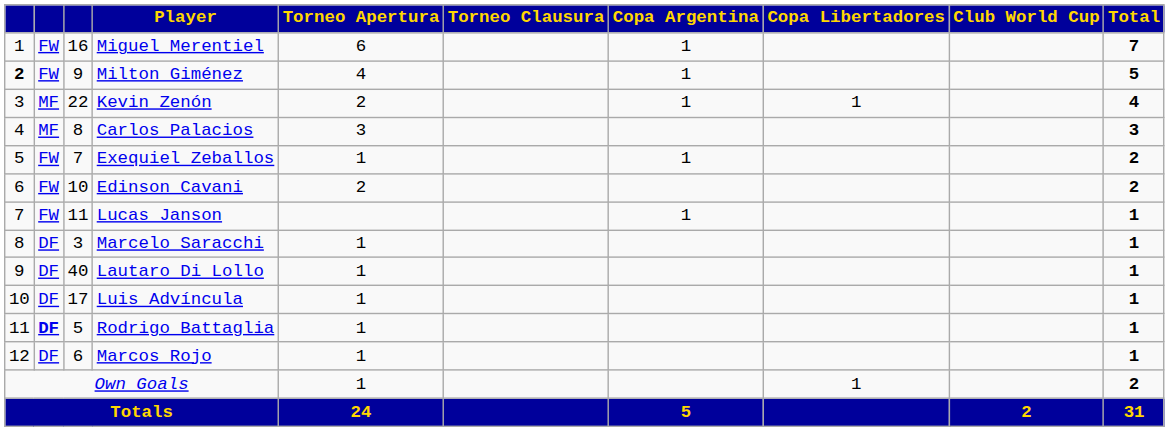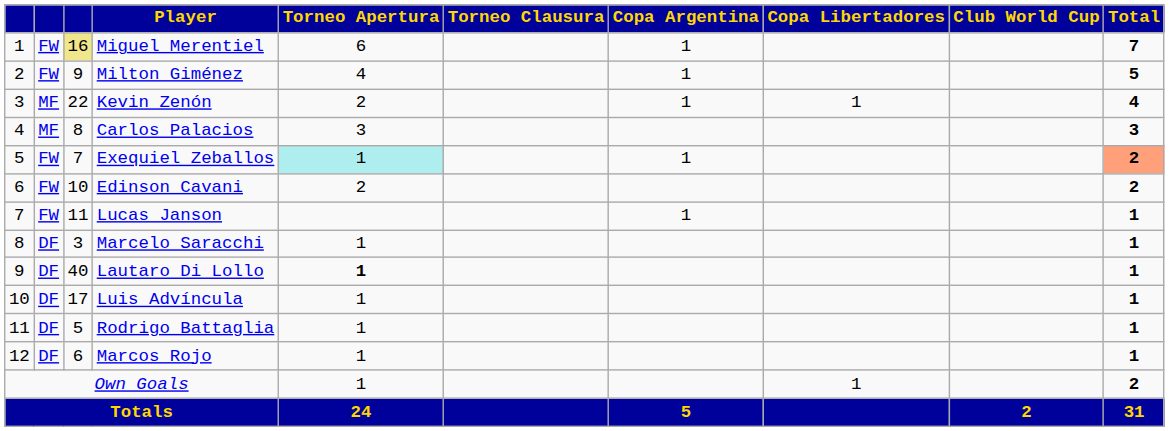 <table class="wikitable sortable" style="font-size: 95%; text-align: center;">
 <tr>
 <th style="background:#00009B; color:gold; width=15"></th>
 <th style="background:#00009B; color:gold; width=15"></th>
 <th style="background:#00009B; color:gold; width=15"></th>
 <th style="background:#00009B; color:gold; width=15 width=150">Player</th>
 <th style="background:#00009B; color:gold; width=15 width=75">Torneo Apertura</th>
 <th style="background:#00009B; color:gold; width=15 width=75">Torneo Clausura</th>
 <th style="background:#00009B; color:gold; width=15 width=75">Copa Argentina</th>
 <th style="background:#00009B; color:gold; width=15 width=75">Copa Libertadores</th>
 <th style="background:#00009B; color:gold; width=15 width=75">Club World Cup</th>
 <th style="background:#00009B; color:gold; width=15 width=75">Total</th>
 </tr>
 <tr>
 <td>1</td>
 <td><a href='#'>FW</a></td>
-<td>16</td>
+<td style="background: khaki;">16</td>
 <td align=left> <a href='#'>Miguel Merentiel</a></td>
 <td>6</td>
 <td></td>
 <td>1</td>
 <td></td>
 <td></td>
 <td><strong>7</strong></td>
 </tr>
 <tr>
-<td><strong>2</strong></td>
+<td>2</td>
 <td><a href='#'>FW</a></td>
 <td>9</td>
 <td align=left> <a href='#'>Milton Giménez</a></td>
 <td>4</td>
 <td></td>
 <td>1</td>
 <td></td>
 <td></td>
 <td><strong>5</strong></td>
 </tr>
 <tr>
 <td>3</td>
 <td><a href='#'>MF</a></td>
 <td>22</td>
 <td align=left> <a href='#'>Kevin Zenón</a></td>
 <td>2</td>
 <td></td>
 <td>1</td>
 <td>1</td>
 <td></td>
 <td><strong>4</strong></td>
 </tr>
 <tr>
 <td>4</td>
 <td><a href='#'>MF</a></td>
 <td>8</td>
 <td align=left> <a href='#'>Carlos Palacios</a></td>
 <td>3</td>
 <td></td>
 <td></td>
 <td></td>
 <td></td>
 <td><strong>3</strong></td>
 </tr>
 <tr>
 <td>5</td>
 <td><a href='#'>FW</a></td>
 <td>7</td>
 <td align=left> <a href='#'>Exequiel Zeballos</a></td>
-<td>1</td>
+<td style="background: paleturquoise;">1</td>
 <td></td>
 <td>1</td>
 <td></td>
 <td></td>
-<td><strong>2</strong></td>
+<td style="background: lightsalmon;"><strong>2</strong></td>
 </tr>
 <tr>
 <td>6</td>
 <td><a href='#'>FW</a></td>
 <td>10</td>
 <td align=left> <a href='#'>Edinson Cavani</a></td>
 <td>2</td>
 <td></td>
 <td></td>
 <td></td>
 <td></td>
 <td><strong>2</strong></td>
 </tr>
 <tr>
 <td>7</td>
 <td><a href='#'>FW</a></td>
 <td>11</td>
 <td align=left> <a href='#'>Lucas Janson</a></td>
 <td></td>
 <td></td>
 <td>1</td>
 <td></td>
 <td></td>
 <td><strong>1</strong></td>
 </tr>
 <tr>
 <td>8</td>
 <td><a href='#'>DF</a></td>
 <td>3</td>
 <td align=left> <a href='#'>Marcelo Saracchi</a></td>
 <td>1</td>
 <td></td>
 <td></td>
 <td></td>
 <td></td>
 <td><strong>1</strong></td>
 </tr>
 <tr>
 <td>9</td>
 <td><a href='#'>DF</a></td>
 <td>40</td>
 <td align=left> <a href='#'>Lautaro Di Lollo</a></td>
-<td>1</td>
+<td><strong>1</strong></td>
 <td></td>
 <td></td>
 <td></td>
 <td></td>
 <td><strong>1</strong></td>
 </tr>
 <tr>
 <td>10</td>
 <td><a href='#'>DF</a></td>
 <td>17</td>
 <td align=left> <a href='#'>Luis Advíncula</a></td>
 <td>1</td>
 <td></td>
 <td></td>
 <td></td>
 <td></td>
 <td><strong>1</strong></td>
 </tr>
 <tr>
 <td>11</td>
-<td><strong><a href='#'>DF</a></strong></td>
+<td><a href='#'>DF</a></td>
 <td>5</td>
 <td align=left> <a href='#'>Rodrigo Battaglia</a></td>
 <td>1</td>
 <td></td>
 <td></td>
 <td></td>
 <td></td>
 <td><strong>1</strong></td>
 </tr>
 <tr>
 <td>12</td>
 <td><a href='#'>DF</a></td>
 <td>6</td>
 <td align=left> <a href='#'>Marcos Rojo</a></td>
 <td>1</td>
 <td></td>
 <td></td>
 <td></td>
 <td></td>
 <td><strong>1</strong></td>
 </tr>
 <tr>
 <td colspan=4><em><a href='#'>Own Goals</a></em></td>
 <td>1</td>
 <td></td>
 <td></td>
 <td>1</td>
 <td></td>
 <td><strong>2</strong></td>
 </tr>
 <tr align=center>
 <th style="background:#00009B; color:gold"; colspan=4><strong>Totals</strong></th>
 <th style="background:#00009B; color:gold";><strong>24</strong></th>
 <th style="background:#00009B; color:gold";><strong> </strong></th>
 <th style="background:#00009B; color:gold";><strong>5</strong></th>
 <th style="background:#00009B; color:gold";><strong> </strong></th>
 <th style="background:#00009B; color:gold";><strong>2</strong></th>
 <th style="background:#00009B; color:gold";><strong>31</strong></th>
 </tr>
 </table>
